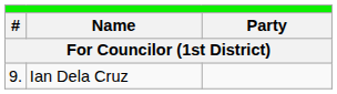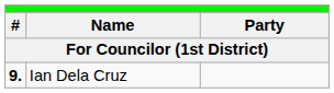 <table class=wikitable style="font-size:90%">
 <tr>
 <td colspan="5" bgcolor=Reform PH - People's Party></td>
 </tr>
 <tr>
 <th>#</th>
 <th width=150px>Name</th>
 <th colspan=2 width=110px>Party</th>
 </tr>
 <tr>
 <th colspan=5>For Councilor (1st District)</th>
 </tr>
 <tr>
-<td>9.</td>
+<td><strong>9.</strong></td>
 <td>Ian Dela Cruz</td>
 <td></td>
 </tr>
 </table>
